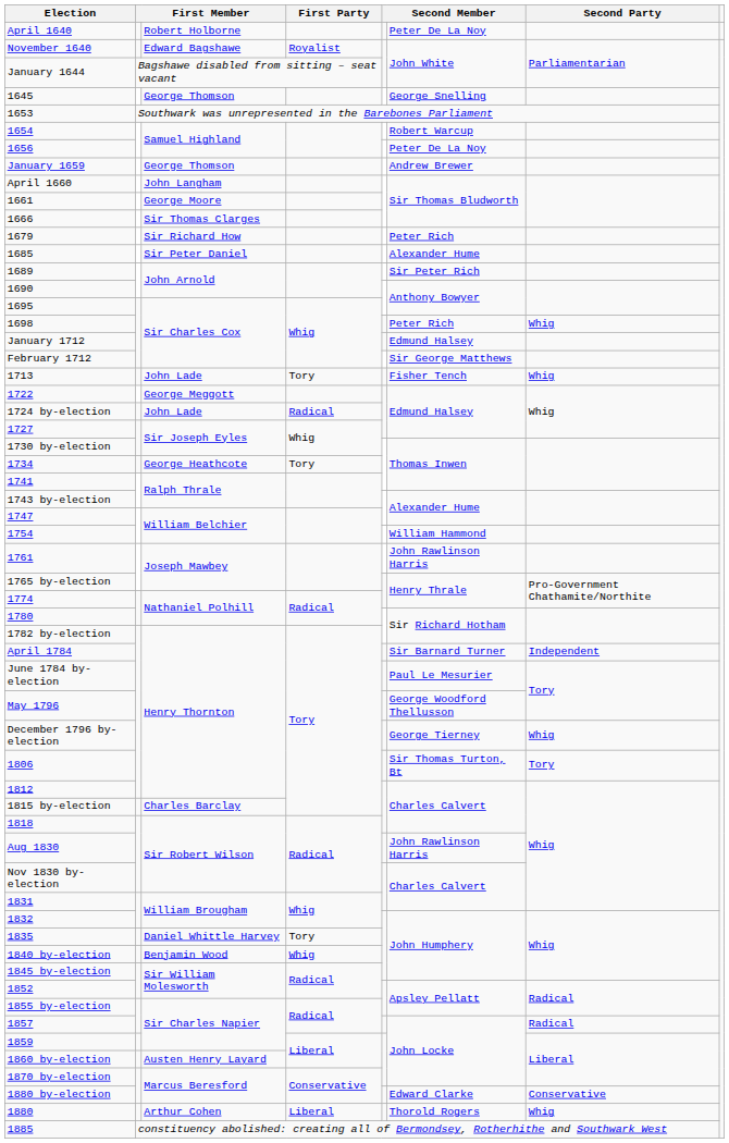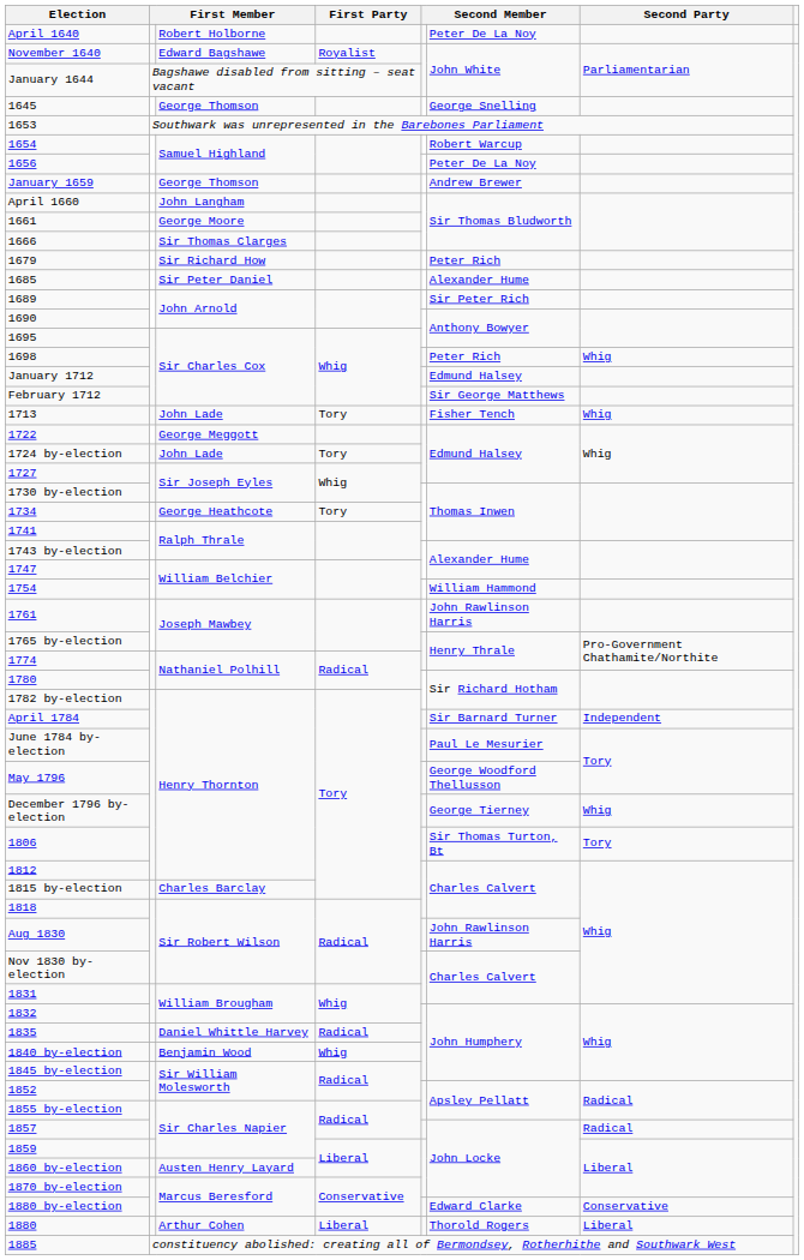 <table class="wikitable">
 <tr>
 <th>Election</th>
 <th colspan="2">First Member</th>
 <th>First Party</th>
 <th colspan="2">Second Member</th>
 <th>Second Party</th>
 </tr>
 <tr>
 <td><a href='#'>April 1640</a></td>
 <td style="background-color:"></td>
 <td><a href='#'>Robert Holborne</a></td>
 <td></td>
 <td></td>
 <td><a href='#'>Peter De La Noy</a></td>
 <td></td>
 <td></td>
 </tr>
 <tr>
 <td><a href='#'>November 1640</a></td>
 <td style="color:inherit;background-color: "></td>
 <td><a href='#'>Edward Bagshawe</a></td>
 <td><a href='#'>Royalist</a></td>
 <td rowspan="2" style="color:inherit;background-color: "></td>
 <td rowspan="2"><a href='#'>John White</a></td>
 <td rowspan="2"><a href='#'>Parliamentarian</a></td>
 </tr>
 <tr>
 <td>January 1644</td>
 <td colspan="3"><em>Bagshawe disabled from sitting – seat vacant</em></td>
 </tr>
 <tr>
 <td>1645</td>
 <td style="color:inherit;background-color: white"></td>
 <td><a href='#'>George Thomson</a></td>
 <td></td>
 <td style="color:inherit;background-color: white"></td>
 <td><a href='#'>George Snelling</a></td>
 <td></td>
 </tr>
 <tr>
 <td>1653</td>
 <td colspan="6"><em>Southwark was unrepresented in the <a href='#'>Barebones Parliament</a></em></td>
 </tr>
 <tr>
 <td><a href='#'>1654</a></td>
 <td rowspan="2"  style="color:inherit;background-color: white"></td>
 <td rowspan="2"><a href='#'>Samuel Highland</a></td>
 <td rowspan="2"></td>
 <td style="color:inherit;background-color: white"></td>
 <td><a href='#'>Robert Warcup</a></td>
 <td></td>
 </tr>
 <tr>
 <td><a href='#'>1656</a></td>
 <td style="color:inherit;background-color: white"></td>
 <td><a href='#'>Peter De La Noy</a></td>
 <td></td>
 </tr>
 <tr>
 <td><a href='#'>January 1659</a></td>
 <td style="color:inherit;background-color: white"></td>
 <td><a href='#'>George Thomson</a></td>
 <td></td>
 <td style="color:inherit;background-color: white"></td>
 <td><a href='#'>Andrew Brewer</a></td>
 <td></td>
 </tr>
 <tr>
 <td>April 1660</td>
 <td style="color:inherit;background-color: white"></td>
 <td><a href='#'>John Langham</a></td>
 <td></td>
 <td rowspan="3" style="color:inherit;background-color: white"></td>
 <td rowspan="3"><a href='#'>Sir Thomas Bludworth</a></td>
 <td rowspan="3"></td>
 </tr>
 <tr>
 <td>1661</td>
 <td style="color:inherit;background-color: white"></td>
 <td><a href='#'>George Moore</a></td>
 <td></td>
 </tr>
 <tr>
 <td>1666</td>
 <td style="color:inherit;background-color: white"></td>
 <td><a href='#'>Sir Thomas Clarges</a></td>
 <td></td>
 </tr>
 <tr>
 <td>1679</td>
 <td style="color:inherit;background-color: white"></td>
 <td><a href='#'>Sir Richard How</a></td>
 <td></td>
 <td style="color:inherit;background-color: white"></td>
 <td><a href='#'>Peter Rich</a></td>
 <td></td>
 </tr>
 <tr>
 <td>1685</td>
 <td style="color:inherit;background-color: white"></td>
 <td><a href='#'>Sir Peter Daniel</a></td>
 <td></td>
 <td style="color:inherit;background-color: white"></td>
 <td><a href='#'>Alexander Hume</a></td>
 <td></td>
 </tr>
 <tr>
 <td>1689</td>
 <td rowspan="2" style="color:inherit;background-color: white"></td>
 <td rowspan="2"><a href='#'>John Arnold</a></td>
 <td rowspan="2"></td>
 <td style="color:inherit;background-color: white"></td>
 <td><a href='#'>Sir Peter Rich</a></td>
 <td></td>
 </tr>
 <tr>
 <td>1690</td>
 <td rowspan="2" style="color:inherit;background-color: white"></td>
 <td rowspan="2"><a href='#'>Anthony Bowyer</a></td>
 <td rowspan="2"></td>
 </tr>
 <tr>
 <td>1695</td>
 <td rowspan="4" style="color:inherit;background-color: "></td>
 <td rowspan="4"><a href='#'>Sir Charles Cox</a></td>
 <td rowspan="4"><a href='#'>Whig</a></td>
 </tr>
 <tr>
 <td>1698</td>
 <td style="color:inherit;background-color: "></td>
 <td><a href='#'>Peter Rich</a></td>
 <td><a href='#'>Whig</a></td>
 </tr>
 <tr>
 <td>January 1712</td>
 <td style="color:inherit;background-color: "></td>
 <td><a href='#'>Edmund Halsey</a></td>
 <td></td>
 </tr>
 <tr>
 <td>February 1712</td>
 <td style="color:inherit;background-color: white"></td>
 <td><a href='#'>Sir George Matthews</a></td>
 <td></td>
 </tr>
 <tr>
 <td>1713</td>
 <td style="color:inherit;background-color: "></td>
 <td><a href='#'>John Lade</a></td>
 <td>Tory</td>
 <td style="color:inherit;background-color: "></td>
 <td><a href='#'>Fisher Tench</a></td>
 <td><a href='#'>Whig</a></td>
 </tr>
 <tr>
 <td><a href='#'>1722</a></td>
 <td style="color:inherit;background-color: white"></td>
 <td><a href='#'>George Meggott</a></td>
 <td></td>
 <td rowspan="3" style="color:inherit;background-color: "></td>
 <td rowspan="3"><a href='#'>Edmund Halsey</a></td>
 <td rowspan="3">Whig</td>
 </tr>
 <tr>
 <td>1724 by-election</td>
 <td style="color:inherit;background-color: "></td>
 <td><a href='#'>John Lade</a></td>
-<td><a href='#'>Radical</a></td>
+<td>Tory</td>
 </tr>
 <tr>
 <td><a href='#'>1727</a></td>
 <td rowspan="2" style="color:inherit;background-color: "></td>
 <td rowspan="2"><a href='#'>Sir Joseph Eyles</a></td>
 <td rowspan="2">Whig</td>
 </tr>
 <tr>
 <td>1730 by-election</td>
 <td rowspan="3" style="color:inherit;background-color: white"></td>
 <td rowspan="3"><a href='#'>Thomas Inwen</a></td>
 <td rowspan="3"></td>
 </tr>
 <tr>
 <td><a href='#'>1734</a></td>
 <td style="color:inherit;background-color: "></td>
 <td><a href='#'>George Heathcote</a></td>
 <td>Tory</td>
 </tr>
 <tr>
 <td><a href='#'>1741</a></td>
 <td rowspan="2" style="color:inherit;background-color: white"></td>
 <td rowspan="2"><a href='#'>Ralph Thrale</a></td>
 <td rowspan="2"></td>
 </tr>
 <tr>
 <td>1743 by-election</td>
 <td rowspan="2" style="color:inherit;background-color: white"></td>
 <td rowspan="2"><a href='#'>Alexander Hume</a></td>
 <td rowspan="2"></td>
 </tr>
 <tr>
 <td><a href='#'>1747</a></td>
 <td rowspan="2" style="color:inherit;background-color: white"></td>
 <td rowspan="2"><a href='#'>William Belchier</a></td>
 <td rowspan="2"></td>
 </tr>
 <tr>
 <td><a href='#'>1754</a></td>
 <td style="color:inherit;background-color: white"></td>
 <td><a href='#'>William Hammond</a></td>
 <td></td>
 </tr>
 <tr>
 <td><a href='#'>1761</a></td>
 <td rowspan="2" style="color:inherit;background-color: white"></td>
 <td rowspan="2"><a href='#'>Joseph Mawbey</a></td>
 <td rowspan="2"></td>
 <td style="color:inherit;background-color: white"></td>
 <td><a href='#'>John Rawlinson Harris</a></td>
 <td></td>
 </tr>
 <tr>
 <td>1765 by-election</td>
 <td rowspan="2" style="color:inherit;background-color: "></td>
 <td rowspan="2"><a href='#'>Henry Thrale</a></td>
 <td rowspan="2">Pro-Government Chathamite/Northite</td>
 </tr>
 <tr>
 <td><a href='#'>1774</a></td>
 <td rowspan="2" style="color:inherit;background-color: "></td>
 <td rowspan="2"><a href='#'>Nathaniel Polhill</a></td>
 <td rowspan="2"><a href='#'>Radical</a></td>
 </tr>
 <tr>
 <td><a href='#'>1780</a></td>
 <td rowspan="2" style="color:inherit;background-color: white"></td>
 <td rowspan="2">Sir <a href='#'>Richard Hotham</a></td>
 <td rowspan="2"></td>
 </tr>
 <tr>
 <td>1782 by-election</td>
 <td rowspan="7" style="color:inherit;background-color: "></td>
 <td rowspan="7"><a href='#'>Henry Thornton</a></td>
 <td rowspan="8"><a href='#'>Tory</a></td>
 </tr>
 <tr>
 <td><a href='#'>April 1784</a></td>
 <td style="color:inherit;background-color: "></td>
 <td><a href='#'>Sir Barnard Turner</a></td>
 <td><a href='#'>Independent</a></td>
 </tr>
 <tr>
 <td>June 1784 by-election</td>
 <td style="color:inherit;background-color: "></td>
 <td><a href='#'>Paul Le Mesurier</a></td>
 <td rowspan="2"><a href='#'>Tory</a></td>
 </tr>
 <tr>
 <td><a href='#'>May 1796</a></td>
 <td style="color:inherit;background-color: "></td>
 <td><a href='#'>George Woodford Thellusson</a></td>
 </tr>
 <tr>
 <td>December 1796 by-election</td>
 <td style="color:inherit;background-color: "></td>
 <td><a href='#'>George Tierney</a></td>
 <td><a href='#'>Whig</a></td>
 </tr>
 <tr>
 <td><a href='#'>1806</a></td>
 <td style="color:inherit;background-color: "></td>
 <td><a href='#'>Sir Thomas Turton, Bt</a></td>
 <td><a href='#'>Tory</a></td>
 </tr>
 <tr>
 <td><a href='#'>1812</a></td>
 <td rowspan="3" style="color:inherit;background-color: "></td>
 <td rowspan="3"><a href='#'>Charles Calvert</a></td>
 <td rowspan="6"><a href='#'>Whig</a></td>
 </tr>
 <tr>
 <td>1815 by-election</td>
 <td style="color:inherit;background-color: "></td>
 <td><a href='#'>Charles Barclay</a></td>
 </tr>
 <tr>
 <td><a href='#'>1818</a></td>
 <td rowspan="3" style="color:inherit;background-color: "></td>
 <td rowspan="3"><a href='#'>Sir Robert Wilson</a></td>
 <td rowspan="3"><a href='#'>Radical</a></td>
 </tr>
 <tr>
 <td><a href='#'>Aug 1830</a></td>
 <td style="color:inherit;background-color: "></td>
 <td><a href='#'>John Rawlinson Harris</a></td>
 </tr>
 <tr>
 <td>Nov 1830 by-election</td>
 <td rowspan="2" style="color:inherit;background-color: "></td>
 <td rowspan="2"><a href='#'>Charles Calvert</a></td>
 </tr>
 <tr>
 <td><a href='#'>1831</a></td>
 <td rowspan="2" style="color:inherit;background-color: "></td>
 <td rowspan="2"><a href='#'>William Brougham</a></td>
 <td rowspan="2"><a href='#'>Whig</a></td>
 </tr>
 <tr>
 <td><a href='#'>1832</a></td>
 <td rowspan="4" style="color:inherit;background-color: "></td>
 <td rowspan="4"><a href='#'>John Humphery</a></td>
 <td rowspan="4"><a href='#'>Whig</a></td>
 </tr>
 <tr>
 <td><a href='#'>1835</a></td>
 <td style="color:inherit;background-color: "></td>
 <td><a href='#'>Daniel Whittle Harvey</a></td>
-<td>Tory</td>
+<td><a href='#'>Radical</a></td>
 </tr>
 <tr>
 <td><a href='#'>1840 by-election</a></td>
 <td style="color:inherit;background-color: "></td>
 <td><a href='#'>Benjamin Wood</a></td>
 <td><a href='#'>Whig</a></td>
 </tr>
 <tr>
 <td><a href='#'>1845 by-election</a></td>
 <td rowspan="2" style="color:inherit;background-color: "></td>
 <td rowspan="2"><a href='#'>Sir William Molesworth</a></td>
 <td rowspan="2"><a href='#'>Radical</a></td>
 </tr>
 <tr>
 <td><a href='#'>1852</a></td>
 <td rowspan="2" style="color:inherit;background-color: "></td>
 <td rowspan="2"><a href='#'>Apsley Pellatt</a></td>
 <td rowspan="2"><a href='#'>Radical</a></td>
 </tr>
 <tr>
 <td><a href='#'>1855 by-election</a></td>
 <td rowspan="2" style="color:inherit;background-color: "></td>
 <td rowspan="3"><a href='#'>Sir Charles Napier</a></td>
 <td rowspan="2"><a href='#'>Radical</a></td>
 </tr>
 <tr>
 <td><a href='#'>1857</a></td>
 <td rowspan="1" style="color:inherit;background-color: "></td>
 <td rowspan="4"><a href='#'>John Locke</a></td>
 <td rowspan="1"><a href='#'>Radical</a></td>
 </tr>
 <tr>
 <td><a href='#'>1859</a></td>
 <td rowspan="1" style="color:inherit;background-color: "></td>
 <td rowspan="2"><a href='#'>Liberal</a></td>
 <td rowspan="3" style="color:inherit;background-color: "></td>
 <td rowspan="3"><a href='#'>Liberal</a></td>
 </tr>
 <tr>
 <td><a href='#'>1860 by-election</a></td>
 <td style="color:inherit;background-color: "></td>
 <td><a href='#'>Austen Henry Layard</a></td>
 </tr>
 <tr>
 <td><a href='#'>1870 by-election</a></td>
 <td rowspan="2" style="color:inherit;background-color: "></td>
 <td rowspan="2"><a href='#'>Marcus Beresford</a></td>
 <td rowspan="2"><a href='#'>Conservative</a></td>
 </tr>
 <tr>
 <td><a href='#'>1880 by-election</a></td>
 <td style="color:inherit;background-color: "></td>
 <td><a href='#'>Edward Clarke</a></td>
 <td><a href='#'>Conservative</a></td>
 </tr>
 <tr>
 <td><a href='#'>1880</a></td>
 <td style="color:inherit;background-color: "></td>
 <td><a href='#'>Arthur Cohen</a></td>
 <td><a href='#'>Liberal</a></td>
 <td style="color:inherit;background-color: "></td>
 <td><a href='#'>Thorold Rogers</a></td>
-<td><a href='#'>Whig</a></td>
+<td><a href='#'>Liberal</a></td>
 </tr>
 <tr>
 <td><a href='#'>1885</a></td>
 <td colspan="6"><em>constituency abolished: creating all of <a href='#'>Bermondsey</a>, <a href='#'>Rotherhithe</a> and <a href='#'>Southwark West</a></em></td>
 </tr>
 </table>
